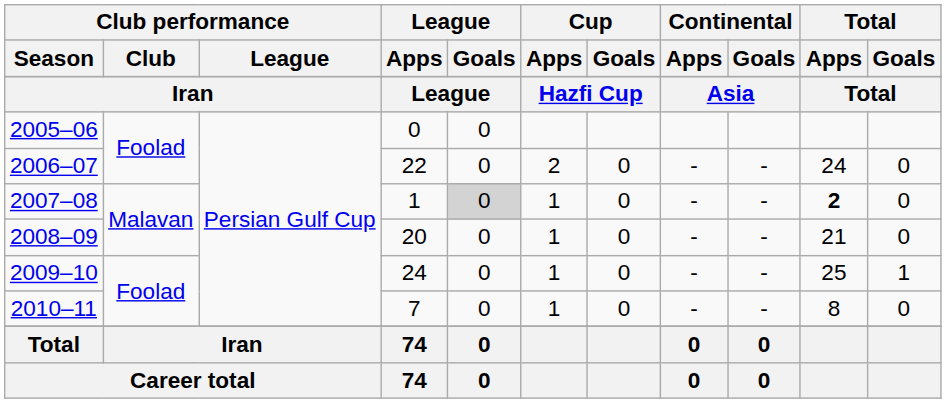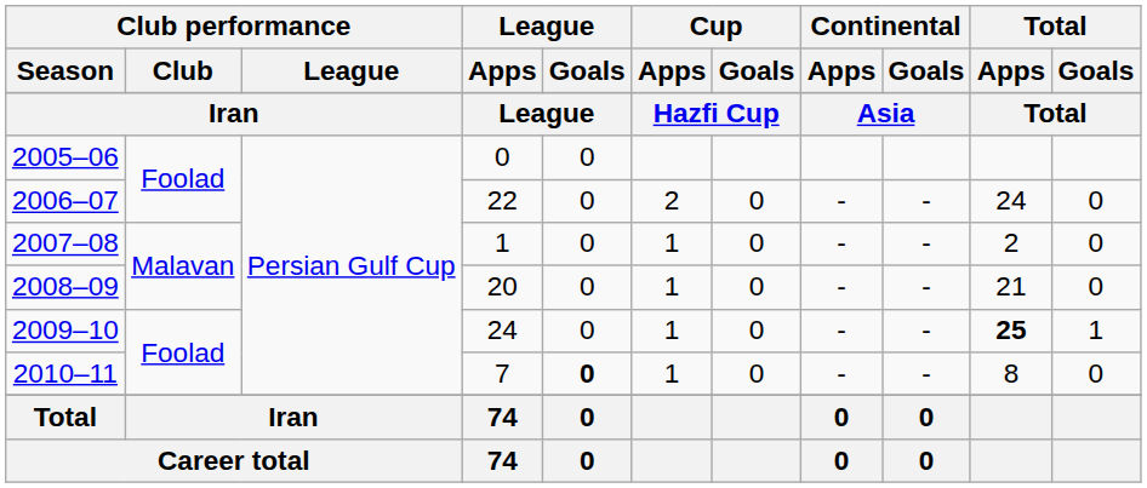 <table class="wikitable" style="text-align:center">
 <tr>
 <th colspan=3>Club performance</th>
 <th colspan=2>League</th>
 <th colspan=2>Cup</th>
 <th colspan=2>Continental</th>
 <th colspan=2>Total</th>
 </tr>
 <tr>
 <th>Season</th>
 <th>Club</th>
 <th>League</th>
 <th>Apps</th>
 <th>Goals</th>
 <th>Apps</th>
 <th>Goals</th>
 <th>Apps</th>
 <th>Goals</th>
 <th>Apps</th>
 <th>Goals</th>
 </tr>
 <tr>
 </tr>
 <tr>
 <th colspan=3>Iran</th>
 <th colspan=2>League</th>
 <th colspan=2><a href='#'>Hazfi Cup</a></th>
 <th colspan=2><a href='#'>Asia</a></th>
 <th colspan=2>Total</th>
 </tr>
 <tr>
 <td><a href='#'>2005–06</a></td>
 <td rowspan="2"><a href='#'>Foolad</a></td>
 <td rowspan="6"><a href='#'>Persian Gulf Cup</a></td>
 <td>0</td>
 <td>0</td>
 <td></td>
 <td></td>
 <td></td>
 <td></td>
 <td></td>
 <td></td>
 </tr>
 <tr>
 <td><a href='#'>2006–07</a></td>
 <td>22</td>
 <td>0</td>
 <td>2</td>
 <td>0</td>
 <td>-</td>
 <td>-</td>
 <td>24</td>
 <td>0</td>
 </tr>
 <tr>
 <td><a href='#'>2007–08</a></td>
 <td rowspan="2"><a href='#'>Malavan</a></td>
 <td>1</td>
-<td style="background: lightgrey;">0</td>
+<td>0</td>
 <td>1</td>
 <td>0</td>
 <td>-</td>
 <td>-</td>
-<td><strong>2</strong></td>
+<td>2</td>
 <td>0</td>
 </tr>
 <tr>
 <td><a href='#'>2008–09</a></td>
 <td>20</td>
 <td>0</td>
 <td>1</td>
 <td>0</td>
 <td>-</td>
 <td>-</td>
 <td>21</td>
 <td>0</td>
 </tr>
 <tr>
 <td><a href='#'>2009–10</a></td>
 <td rowspan="2"><a href='#'>Foolad</a></td>
 <td>24</td>
 <td>0</td>
 <td>1</td>
 <td>0</td>
 <td>-</td>
 <td>-</td>
-<td>25</td>
+<td><strong>25</strong></td>
 <td>1</td>
 </tr>
 <tr>
 <td><a href='#'>2010–11</a></td>
 <td>7</td>
-<td>0</td>
+<td><strong>0</strong></td>
 <td>1</td>
 <td>0</td>
 <td>-</td>
 <td>-</td>
 <td>8</td>
 <td>0</td>
 </tr>
 <tr>
 </tr>
 <tr>
 <th rowspan=1>Total</th>
 <th colspan=2>Iran</th>
 <th>74</th>
 <th>0</th>
 <th></th>
 <th></th>
 <th>0</th>
 <th>0</th>
 <th></th>
 <th></th>
 </tr>
 <tr>
 <th colspan=3>Career total</th>
 <th>74</th>
 <th>0</th>
 <th></th>
 <th></th>
 <th>0</th>
 <th>0</th>
 <th></th>
 <th></th>
 </tr>
 </table>
